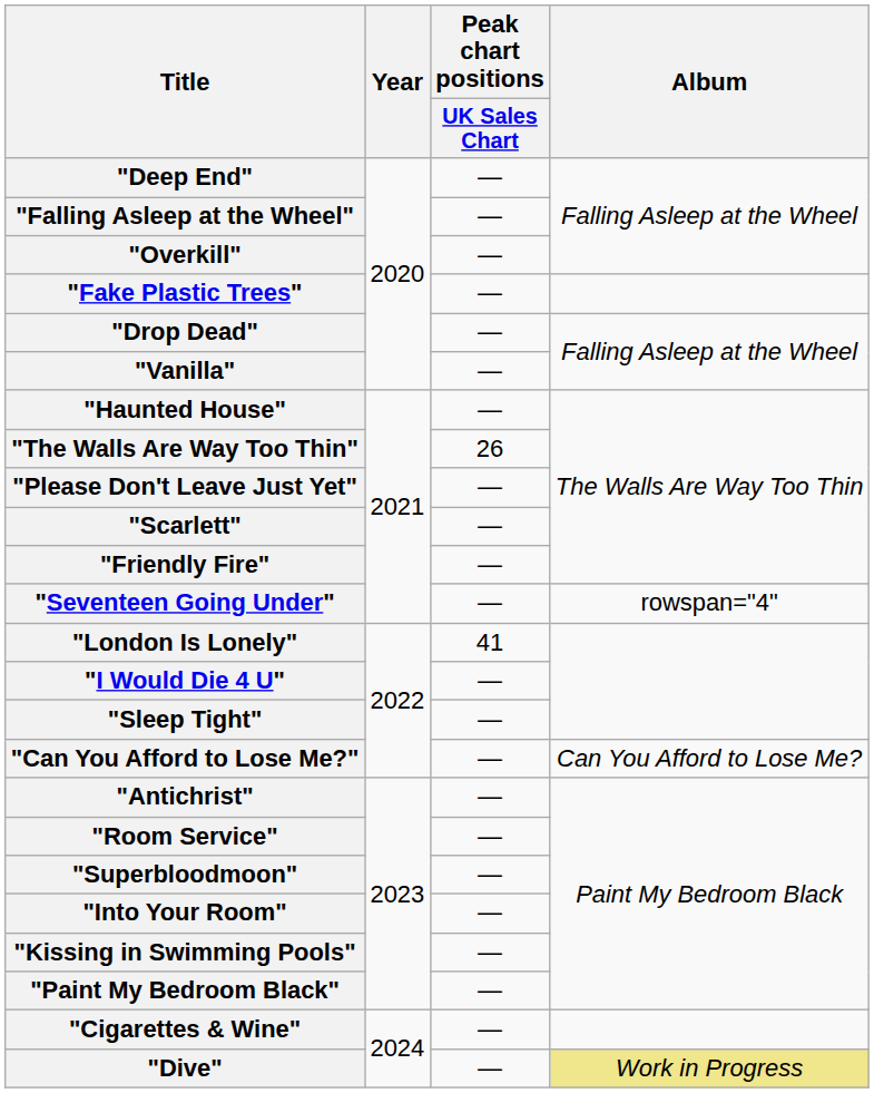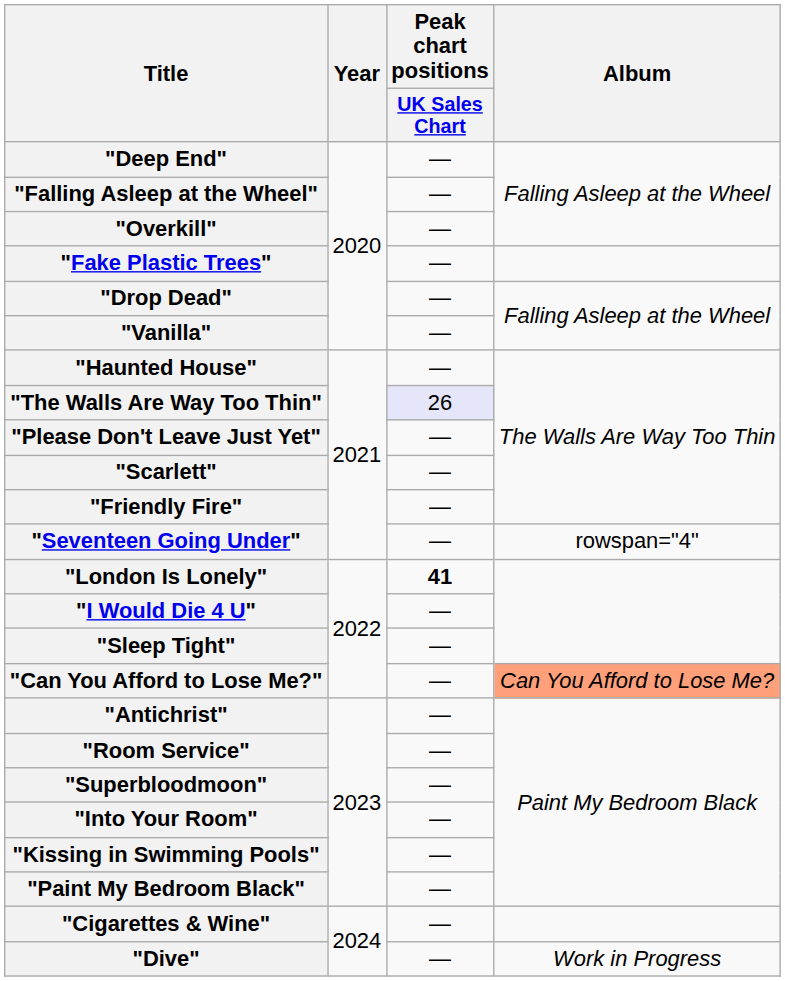 <table class="wikitable plainrowheaders" style="text-align:center;">
 <tr>
 <th scope="col" rowspan="2" scope="col">Title</th>
 <th scope="col" rowspan="2" scope="col">Year</th>
 <th scope="col" colspan="1">Peak chart<br>positions</th>
 <th scope="col" rowspan="2" scope="col">Album</th>
 </tr>
 <tr>
 <th scope="col" style="width:3em;font-size:90%;"><a href='#'>UK Sales Chart</a><br></th>
 </tr>
 <tr>
 <th scope="row">"Deep End"</th>
 <td rowspan="6">2020</td>
 <td>—</td>
 <td rowspan="3"><em>Falling Asleep at the Wheel</em></td>
 </tr>
 <tr>
 <th scope="row">"Falling Asleep at the Wheel"</th>
 <td>—</td>
 </tr>
 <tr>
 <th scope="row">"Overkill"</th>
 <td>—</td>
 </tr>
 <tr>
 <th scope="row">"<a href='#'>Fake Plastic Trees</a>"</th>
 <td>—</td>
 <td></td>
 </tr>
 <tr>
 <th scope="row">"Drop Dead"</th>
 <td>—</td>
 <td rowspan="2"><em>Falling Asleep at the Wheel</em></td>
 </tr>
 <tr>
 <th scope="row">"Vanilla"</th>
 <td>—</td>
 </tr>
 <tr>
 <th scope="row">"Haunted House"</th>
 <td rowspan="6">2021</td>
 <td>—</td>
 <td rowspan="5"><em>The Walls Are Way Too Thin</em></td>
 </tr>
 <tr>
 <th scope="row">"The Walls Are Way Too Thin"</th>
-<td>26</td>
+<td style="background: lavender;">26</td>
 </tr>
 <tr>
 <th scope="row">"Please Don't Leave Just Yet"</th>
 <td>—</td>
 </tr>
 <tr>
 <th scope="row">"Scarlett"</th>
 <td>—</td>
 </tr>
 <tr>
 <th scope="row">"Friendly Fire"</th>
 <td>—</td>
 </tr>
 <tr>
 <th scope="row">"<a href='#'>Seventeen Going Under</a>"<br></th>
 <td>—</td>
 <td>rowspan="4" </td>
 </tr>
 <tr>
 <th scope="row">"London Is Lonely"</th>
 <td rowspan="4">2022</td>
-<td>41</td>
+<td><strong>41</strong></td>
 </tr>
 <tr>
 <th scope="row">"<a href='#'>I Would Die 4 U</a>"</th>
 <td>—</td>
 </tr>
 <tr>
 <th scope="row">"Sleep Tight"</th>
 <td>—</td>
 </tr>
 <tr>
 <th scope="row">"Can You Afford to Lose Me?"</th>
 <td>—</td>
-<td><em>Can You Afford to Lose Me?</em></td>
+<td style="background: lightsalmon;"><em>Can You Afford to Lose Me?</em></td>
 </tr>
 <tr>
 <th scope="row">"Antichrist"</th>
 <td rowspan="6">2023</td>
 <td>—</td>
 <td rowspan="6"><em>Paint My Bedroom Black</em></td>
 </tr>
 <tr>
 <th scope="row">"Room Service"</th>
 <td>—</td>
 </tr>
 <tr>
 <th scope="row">"Superbloodmoon"<br></th>
 <td>—</td>
 </tr>
 <tr>
 <th scope="row">"Into Your Room"<br></th>
 <td>—</td>
 </tr>
 <tr>
 <th scope="row">"Kissing in Swimming Pools"</th>
 <td>—</td>
 </tr>
 <tr>
 <th scope="row">"Paint My Bedroom Black"</th>
 <td>—</td>
 </tr>
 <tr>
 <th scope="row">"Cigarettes & Wine"<br></th>
 <td rowspan="2">2024</td>
 <td>—</td>
 <td></td>
 </tr>
 <tr>
 <th scope="row">"Dive"</th>
 <td>—</td>
-<td style="background: khaki;"><em>Work in Progress</em></td>
+<td><em>Work in Progress</em></td>
 </tr>
 </table>
